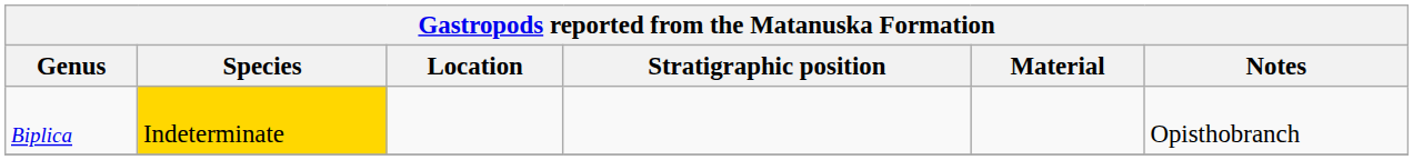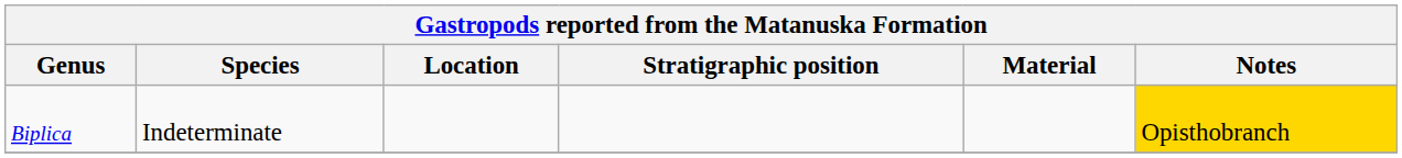 <table class="wikitable" align="center" width="100%">
 <tr>
 <th colspan="7" align="center"><strong><a href='#'>Gastropods</a> reported from the Matanuska Formation</strong></th>
 </tr>
 <tr>
 <th>Genus</th>
 <th>Species</th>
 <th>Location</th>
 <th>Stratigraphic position</th>
 <th>Material</th>
 <th>Notes<br></th>
 </tr>
 <tr>
 <td><br><small><em><a href='#'>Biplica</a></em></small></td>
-<td style="background: gold;"><br>Indeterminate</td>
+<td><br>Indeterminate</td>
 <td></td>
 <td></td>
 <td></td>
-<td><br>Opisthobranch </td>
+<td style="background: gold;"><br>Opisthobranch </td>
 </tr>
 <tr>
 </tr>
 </table>
